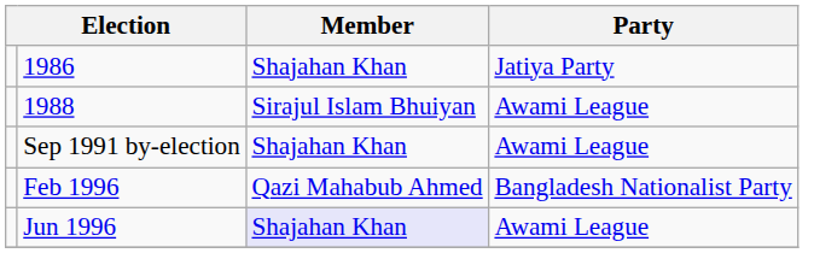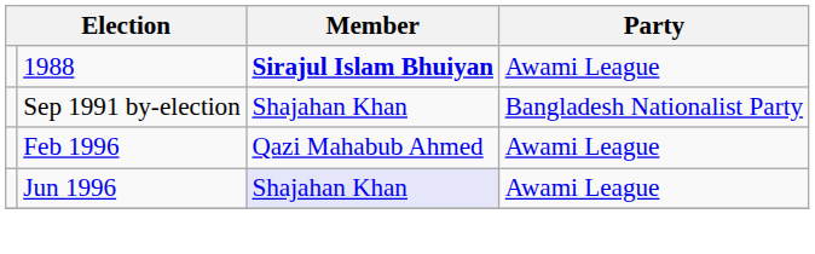 <table class="wikitable">
 <tr>
 <th colspan="2">Election</th>
 <th>Member</th>
 <th>Party</th>
 </tr>
 <tr>
 <td style="background-color:"></td>
-<td><a href='#'>1986</a></td>
-<td><a href='#'>Shajahan Khan</a></td>
-<td><a href='#'>Jatiya Party</a></td>
-</tr>
-<tr>
-<td style="background-color:"></td>
 <td><a href='#'>1988</a></td>
-<td><a href='#'>Sirajul Islam Bhuiyan</a></td>
+<td><strong><a href='#'>Sirajul Islam Bhuiyan</a></strong></td>
 <td><a href='#'>Awami League</a></td>
 </tr>
 <tr>
 <td style="background-color:"></td>
 <td>Sep 1991 by-election</td>
 <td><a href='#'>Shajahan Khan</a></td>
-<td><a href='#'>Awami League</a></td>
+<td><a href='#'>Bangladesh Nationalist Party</a></td>
 </tr>
 <tr>
 <td style="background-color:"></td>
 <td><a href='#'>Feb 1996</a></td>
 <td><a href='#'>Qazi Mahabub Ahmed</a></td>
-<td><a href='#'>Bangladesh Nationalist Party</a></td>
+<td><a href='#'>Awami League</a></td>
 </tr>
 <tr>
 <td style="background-color:"></td>
 <td><a href='#'>Jun 1996</a></td>
 <td style="background: lavender;"><a href='#'>Shajahan Khan</a></td>
 <td><a href='#'>Awami League</a></td>
 </tr>
 <tr>
 </tr>
 </table>
